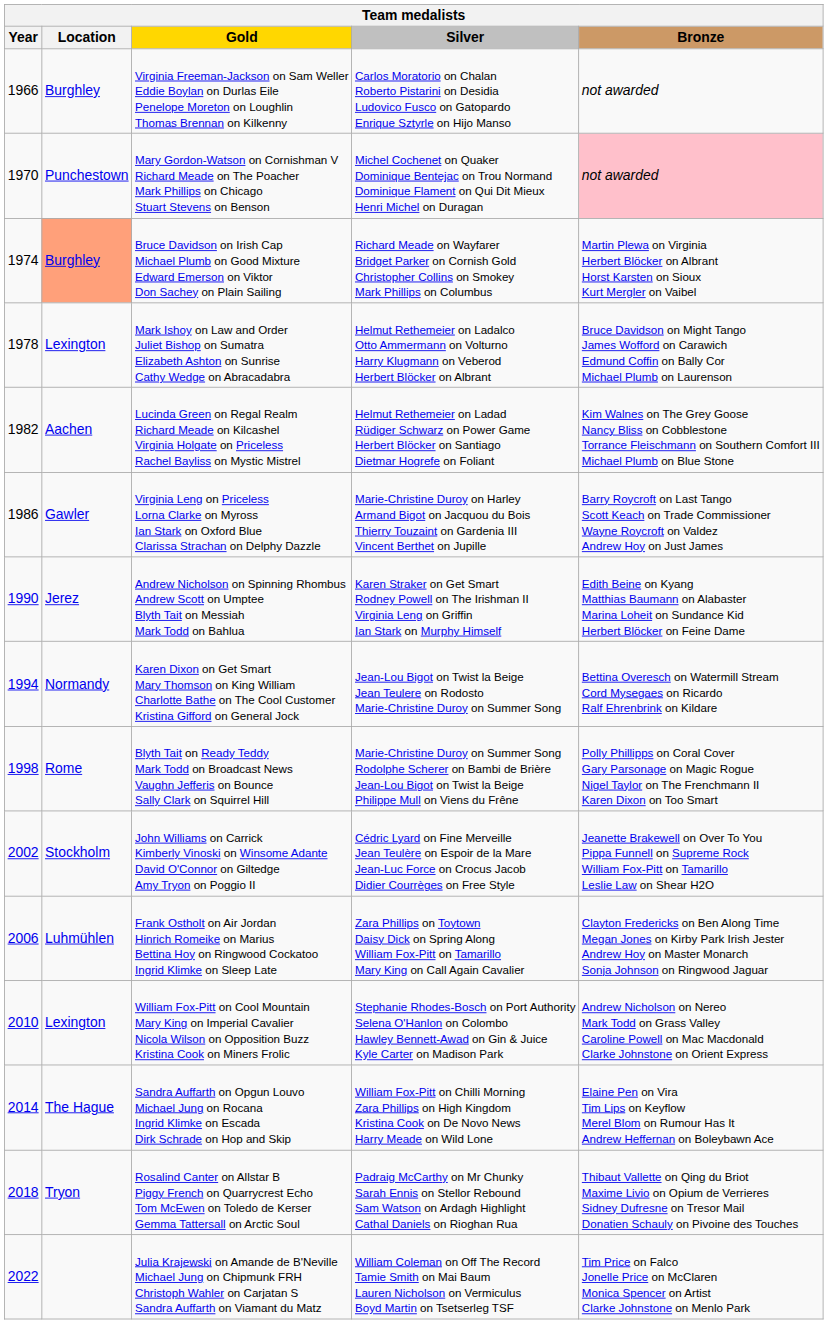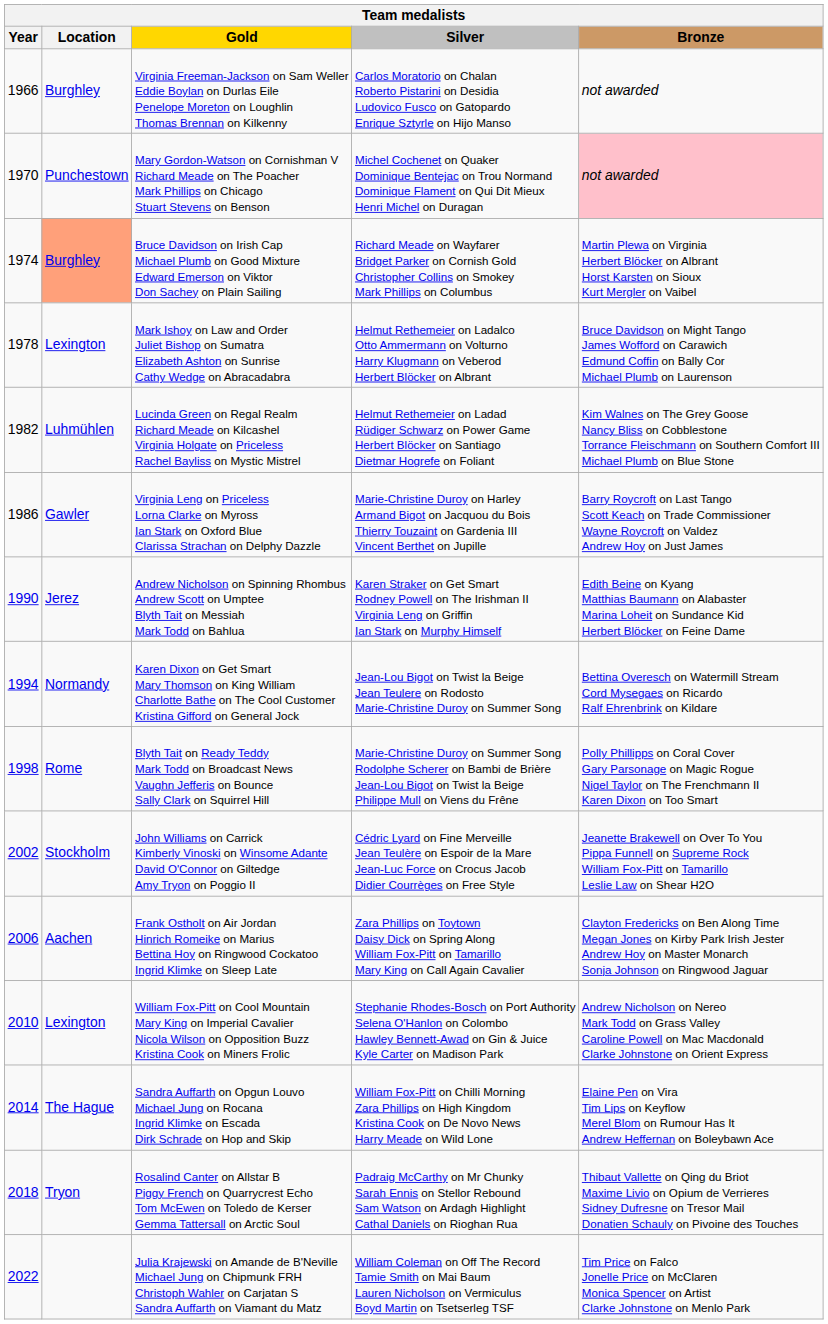 <table class="wikitable">
 <tr>
 <th colspan=6 align="center"><strong>Team medalists</strong></th>
 </tr>
 <tr>
 <th>Year</th>
 <th>Location</th>
 <th style="background-color:gold;">Gold</th>
 <th style="background-color:silver;">Silver</th>
 <th style="background-color:#cc9966;">Bronze</th>
 </tr>
 <tr>
 <td>1966</td>
 <td> <a href='#'>Burghley</a></td>
 <td><br><small><a href='#'>Virginia Freeman-Jackson</a> on Sam Weller<br><a href='#'>Eddie Boylan</a> on Durlas Eile<br><a href='#'>Penelope Moreton</a> on Loughlin<br><a href='#'>Thomas Brennan</a> on Kilkenny</small></td>
 <td><br><small><a href='#'>Carlos Moratorio</a> on Chalan<br><a href='#'>Roberto Pistarini</a> on Desidia<br><a href='#'>Ludovico Fusco</a> on Gatopardo<br><a href='#'>Enrique Sztyrle</a> on Hijo Manso</small></td>
 <td><em>not awarded</em></td>
 </tr>
 <tr>
 <td>1970</td>
 <td> <a href='#'>Punchestown</a></td>
 <td><br><small><a href='#'>Mary Gordon-Watson</a> on Cornishman V<br><a href='#'>Richard Meade</a> on The Poacher<br><a href='#'>Mark Phillips</a> on Chicago<br><a href='#'>Stuart Stevens</a> on Benson</small></td>
 <td><br><small><a href='#'>Michel Cochenet</a> on Quaker<br><a href='#'>Dominique Bentejac</a> on Trou Normand<br><a href='#'>Dominique Flament</a> on Qui Dit Mieux<br><a href='#'>Henri Michel</a> on Duragan</small></td>
 <td style="background: pink;"><em>not awarded</em></td>
 </tr>
 <tr>
 <td>1974</td>
 <td style="background: lightsalmon;"> <a href='#'>Burghley</a></td>
 <td><br><small><a href='#'>Bruce Davidson</a> on Irish Cap<br><a href='#'>Michael Plumb</a> on Good Mixture<br><a href='#'>Edward Emerson</a> on Viktor<br><a href='#'>Don Sachey</a> on Plain Sailing</small></td>
 <td><br><small><a href='#'>Richard Meade</a> on Wayfarer<br><a href='#'>Bridget Parker</a> on Cornish Gold<br><a href='#'>Christopher Collins</a> on Smokey<br><a href='#'>Mark Phillips</a> on Columbus</small></td>
 <td><br><small><a href='#'>Martin Plewa</a> on Virginia<br><a href='#'>Herbert Blöcker</a> on Albrant<br><a href='#'>Horst Karsten</a> on Sioux<br><a href='#'>Kurt Mergler</a> on Vaibel</small></td>
 </tr>
 <tr>
 <td>1978</td>
 <td> <a href='#'>Lexington</a></td>
 <td><br><small><a href='#'>Mark Ishoy</a> on Law and Order<br><a href='#'>Juliet Bishop</a> on Sumatra<br><a href='#'>Elizabeth Ashton</a> on Sunrise<br><a href='#'>Cathy Wedge</a> on Abracadabra</small></td>
 <td><br><small><a href='#'>Helmut Rethemeier</a> on Ladalco<br><a href='#'>Otto Ammermann</a> on Volturno<br><a href='#'>Harry Klugmann</a> on Veberod<br><a href='#'>Herbert Blöcker</a> on Albrant</small></td>
 <td><br><small><a href='#'>Bruce Davidson</a> on Might Tango<br><a href='#'>James Wofford</a> on Carawich<br><a href='#'>Edmund Coffin</a> on Bally Cor<br><a href='#'>Michael Plumb</a> on Laurenson</small></td>
 </tr>
 <tr>
 <td>1982</td>
-<td> <a href='#'>Aachen</a></td>
+<td> <a href='#'>Luhmühlen</a></td>
 <td><br><small><a href='#'>Lucinda Green</a> on Regal Realm<br><a href='#'>Richard Meade</a> on Kilcashel<br><a href='#'>Virginia Holgate</a> on <a href='#'>Priceless</a><br><a href='#'>Rachel Bayliss</a> on Mystic Mistrel</small></td>
 <td><br><small><a href='#'>Helmut Rethemeier</a> on Ladad<br><a href='#'>Rüdiger Schwarz</a> on Power Game<br><a href='#'>Herbert Blöcker</a> on Santiago<br><a href='#'>Dietmar Hogrefe</a> on Foliant</small></td>
 <td><br><small><a href='#'>Kim Walnes</a> on The Grey Goose<br><a href='#'>Nancy Bliss</a> on Cobblestone<br><a href='#'>Torrance Fleischmann</a> on Southern Comfort III<br><a href='#'>Michael Plumb</a> on Blue Stone</small></td>
 </tr>
 <tr>
 <td>1986</td>
 <td> <a href='#'>Gawler</a></td>
 <td><br><small><a href='#'>Virginia Leng</a> on <a href='#'>Priceless</a><br><a href='#'>Lorna Clarke</a> on Myross<br><a href='#'>Ian Stark</a> on Oxford Blue<br><a href='#'>Clarissa Strachan</a> on Delphy Dazzle</small></td>
 <td><br><small><a href='#'>Marie-Christine Duroy</a> on Harley<br><a href='#'>Armand Bigot</a> on Jacquou du Bois<br><a href='#'>Thierry Touzaint</a> on Gardenia III<br><a href='#'>Vincent Berthet</a> on Jupille</small></td>
 <td><br><small><a href='#'>Barry Roycroft</a> on Last Tango<br><a href='#'>Scott Keach</a> on Trade Commissioner<br><a href='#'>Wayne Roycroft</a> on Valdez<br><a href='#'>Andrew Hoy</a> on Just James</small></td>
 </tr>
 <tr>
 <td><a href='#'>1990</a></td>
 <td> <a href='#'>Jerez</a></td>
 <td><br><small><a href='#'>Andrew Nicholson</a> on Spinning Rhombus<br><a href='#'>Andrew Scott</a> on Umptee<br><a href='#'>Blyth Tait</a> on Messiah<br><a href='#'>Mark Todd</a> on Bahlua</small></td>
 <td><br><small><a href='#'>Karen Straker</a> on Get Smart<br><a href='#'>Rodney Powell</a> on The Irishman II<br><a href='#'>Virginia Leng</a> on Griffin<br><a href='#'>Ian Stark</a> on <a href='#'>Murphy Himself</a></small></td>
 <td><br><small><a href='#'>Edith Beine</a> on Kyang<br><a href='#'>Matthias Baumann</a> on Alabaster<br><a href='#'>Marina Loheit</a> on Sundance Kid<br><a href='#'>Herbert Blöcker</a> on Feine Dame</small></td>
 </tr>
 <tr>
 <td><a href='#'>1994</a></td>
 <td> <a href='#'>Normandy</a></td>
 <td><br><small><a href='#'>Karen Dixon</a> on Get Smart<br><a href='#'>Mary Thomson</a> on King William<br><a href='#'>Charlotte Bathe</a> on The Cool Customer<br><a href='#'>Kristina Gifford</a> on General Jock</small></td>
 <td><br><small><a href='#'>Jean-Lou Bigot</a> on Twist la Beige<br><a href='#'>Jean Teulere</a> on Rodosto<br><a href='#'>Marie-Christine Duroy</a> on Summer Song</small></td>
 <td><br><small><a href='#'>Bettina Overesch</a> on Watermill Stream<br><a href='#'>Cord Mysegaes</a> on Ricardo<br><a href='#'>Ralf Ehrenbrink</a> on Kildare</small></td>
 </tr>
 <tr>
 <td><a href='#'>1998</a></td>
 <td> <a href='#'>Rome</a></td>
 <td><br><small><a href='#'>Blyth Tait</a> on <a href='#'>Ready Teddy</a><br><a href='#'>Mark Todd</a> on Broadcast News<br><a href='#'>Vaughn Jefferis</a> on Bounce<br><a href='#'>Sally Clark</a> on Squirrel Hill</small></td>
 <td><br><small><a href='#'>Marie-Christine Duroy</a> on Summer Song<br><a href='#'>Rodolphe Scherer</a> on Bambi de Brière<br><a href='#'>Jean-Lou Bigot</a> on Twist la Beige<br><a href='#'>Philippe Mull</a> on Viens du Frêne</small></td>
 <td><br><small><a href='#'>Polly Phillipps</a> on Coral Cover<br><a href='#'>Gary Parsonage</a> on Magic Rogue<br><a href='#'>Nigel Taylor</a> on The Frenchmann II<br><a href='#'>Karen Dixon</a> on Too Smart</small></td>
 </tr>
 <tr>
 <td><a href='#'>2002</a></td>
 <td> <a href='#'>Stockholm</a></td>
 <td><br><small><a href='#'>John Williams</a> on Carrick<br><a href='#'>Kimberly Vinoski</a> on <a href='#'>Winsome Adante</a><br><a href='#'>David O'Connor</a> on Giltedge<br><a href='#'>Amy Tryon</a> on Poggio II</small></td>
 <td><br><small><a href='#'>Cédric Lyard</a> on Fine Merveille<br><a href='#'>Jean Teulère</a> on Espoir de la Mare<br><a href='#'>Jean-Luc Force</a> on Crocus Jacob<br><a href='#'>Didier Courrèges</a> on Free Style</small></td>
 <td><br><small><a href='#'>Jeanette Brakewell</a> on Over To You<br><a href='#'>Pippa Funnell</a> on <a href='#'>Supreme Rock</a><br><a href='#'>William Fox-Pitt</a> on <a href='#'>Tamarillo</a><br><a href='#'>Leslie Law</a> on Shear H2O</small></td>
 </tr>
 <tr>
 <td><a href='#'>2006</a></td>
-<td> <a href='#'>Luhmühlen</a></td>
+<td> <a href='#'>Aachen</a></td>
 <td><br><small><a href='#'>Frank Ostholt</a> on Air Jordan<br><a href='#'>Hinrich Romeike</a> on Marius<br><a href='#'>Bettina Hoy</a> on Ringwood Cockatoo<br><a href='#'>Ingrid Klimke</a> on Sleep Late</small></td>
 <td><br><small><a href='#'>Zara Phillips</a> on <a href='#'>Toytown</a><br><a href='#'>Daisy Dick</a> on Spring Along<br><a href='#'>William Fox-Pitt</a> on <a href='#'>Tamarillo</a><br><a href='#'>Mary King</a> on Call Again Cavalier</small></td>
 <td><br><small><a href='#'>Clayton Fredericks</a> on Ben Along Time<br><a href='#'>Megan Jones</a> on Kirby Park Irish Jester<br><a href='#'>Andrew Hoy</a> on Master Monarch<br><a href='#'>Sonja Johnson</a> on Ringwood Jaguar</small></td>
 </tr>
 <tr>
 <td><a href='#'>2010</a></td>
 <td> <a href='#'>Lexington</a></td>
 <td><br><small><a href='#'>William Fox-Pitt</a> on Cool Mountain<br><a href='#'>Mary King</a> on Imperial Cavalier<br><a href='#'>Nicola Wilson</a> on Opposition Buzz<br><a href='#'>Kristina Cook</a> on Miners Frolic</small></td>
 <td><br><small><a href='#'>Stephanie Rhodes-Bosch</a> on Port Authority<br><a href='#'>Selena O'Hanlon</a> on Colombo<br><a href='#'>Hawley Bennett-Awad</a> on Gin & Juice<br><a href='#'>Kyle Carter</a> on Madison Park</small></td>
 <td><br><small><a href='#'>Andrew Nicholson</a> on Nereo<br><a href='#'>Mark Todd</a> on Grass Valley<br><a href='#'>Caroline Powell</a> on Mac Macdonald<br><a href='#'>Clarke Johnstone</a> on Orient Express</small></td>
 </tr>
 <tr>
 <td><a href='#'>2014</a></td>
 <td> <a href='#'>The Hague</a></td>
 <td><br><small><a href='#'>Sandra Auffarth</a> on Opgun Louvo<br><a href='#'>Michael Jung</a> on Rocana<br><a href='#'>Ingrid Klimke</a> on Escada<br><a href='#'>Dirk Schrade</a> on Hop and Skip</small></td>
 <td><br><small><a href='#'>William Fox-Pitt</a> on Chilli Morning<br><a href='#'>Zara Phillips</a> on High Kingdom<br><a href='#'>Kristina Cook</a> on De Novo News<br><a href='#'>Harry Meade</a> on Wild Lone</small></td>
 <td><br><small><a href='#'>Elaine Pen</a> on Vira<br><a href='#'>Tim Lips</a> on Keyflow<br><a href='#'>Merel Blom</a> on Rumour Has It<br><a href='#'>Andrew Heffernan</a> on Boleybawn Ace</small></td>
 </tr>
 <tr>
 <td><a href='#'>2018</a></td>
 <td> <a href='#'>Tryon</a></td>
 <td><br><small><a href='#'>Rosalind Canter</a> on Allstar B<br><a href='#'>Piggy French</a> on Quarrycrest Echo<br><a href='#'>Tom McEwen</a> on Toledo de Kerser<br><a href='#'>Gemma Tattersall</a> on Arctic Soul</small></td>
 <td><br><small><a href='#'>Padraig McCarthy</a> on Mr Chunky<br><a href='#'>Sarah Ennis</a> on Stellor Rebound<br><a href='#'>Sam Watson</a> on Ardagh Highlight<br><a href='#'>Cathal Daniels</a> on Rioghan Rua</small></td>
 <td><br><small><a href='#'>Thibaut Vallette</a> on Qing du Briot<br><a href='#'>Maxime Livio</a> on Opium de Verrieres<br><a href='#'>Sidney Dufresne</a> on Tresor Mail<br><a href='#'>Donatien Schauly</a> on Pivoine des Touches</small></td>
 </tr>
 <tr>
 <td><a href='#'>2022</a></td>
 <td> </td>
 <td><br><small><a href='#'>Julia Krajewski</a> on Amande de B'Neville<br><a href='#'>Michael Jung</a> on Chipmunk FRH<br><a href='#'>Christoph Wahler</a> on Carjatan S<br><a href='#'>Sandra Auffarth</a> on Viamant du Matz</small></td>
 <td><br><small><a href='#'>William Coleman</a> on Off The Record<br><a href='#'>Tamie Smith</a> on Mai Baum<br><a href='#'>Lauren Nicholson</a> on Vermiculus<br><a href='#'>Boyd Martin</a> on Tsetserleg TSF</small></td>
 <td><br><small><a href='#'>Tim Price</a> on Falco<br><a href='#'>Jonelle Price</a> on McClaren<br><a href='#'>Monica Spencer</a> on Artist<br><a href='#'>Clarke Johnstone</a> on Menlo Park</small></td>
 </tr>
 </table>
